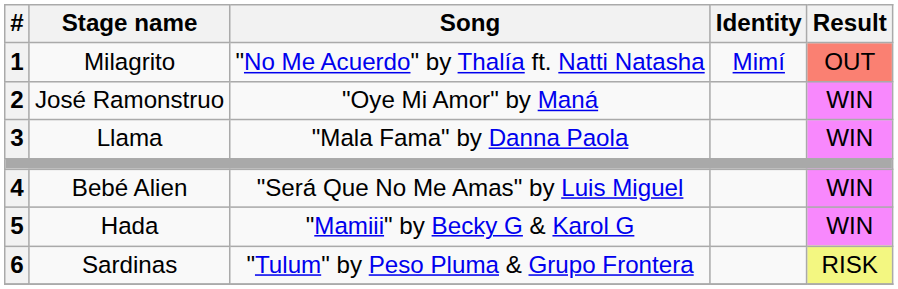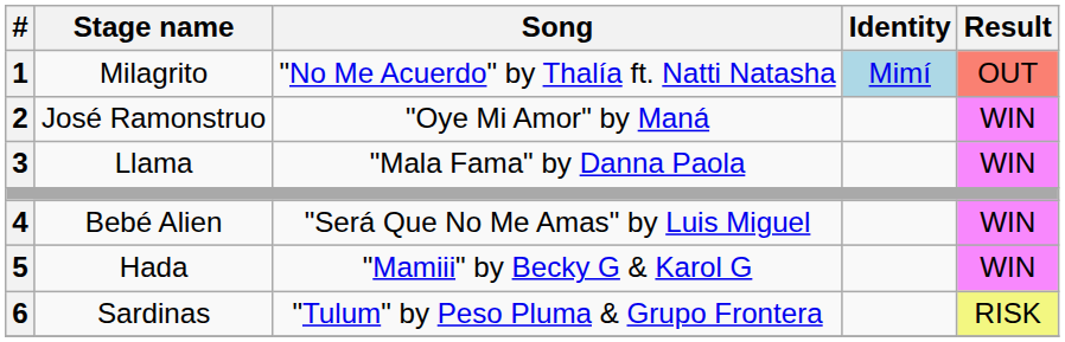 <table class="wikitable plainrowheaders" style="text-align: center;">
 <tr>
 <th>#</th>
 <th>Stage name</th>
 <th>Song</th>
 <th>Identity</th>
 <th>Result</th>
 </tr>
 <tr>
 <th>1</th>
 <td>Milagrito</td>
 <td>"<a href='#'>No Me Acuerdo</a>" by <a href='#'>Thalía</a> ft. <a href='#'>Natti Natasha</a></td>
-<td><a href='#'>Mimí</a></td>
+<td style="background: lightblue;"><a href='#'>Mimí</a></td>
 <td bgcolor=salmon>OUT</td>
 </tr>
 <tr>
 <th>2</th>
 <td>José Ramonstruo</td>
 <td>"Oye Mi Amor" by <a href='#'>Maná</a></td>
 <td></td>
 <td bgcolor=#F888FD>WIN</td>
 </tr>
 <tr>
 <th>3</th>
 <td>Llama</td>
 <td>"Mala Fama" by <a href='#'>Danna Paola</a></td>
 <td></td>
 <td bgcolor=#F888FD>WIN</td>
 </tr>
 <tr>
 <td colspan="5" style="background:darkgray"></td>
 </tr>
 <tr>
 <th>4</th>
 <td>Bebé Alien</td>
 <td>"Será Que No Me Amas" by <a href='#'>Luis Miguel</a></td>
 <td></td>
 <td bgcolor=#F888FD>WIN</td>
 </tr>
 <tr>
 <th>5</th>
 <td>Hada</td>
 <td>"<a href='#'>Mamiii</a>" by <a href='#'>Becky G</a> & <a href='#'>Karol G</a></td>
 <td></td>
 <td bgcolor=#F888FD>WIN</td>
 </tr>
 <tr>
 <th>6</th>
 <td>Sardinas</td>
 <td>"<a href='#'>Tulum</a>" by <a href='#'>Peso Pluma</a> & <a href='#'>Grupo Frontera</a></td>
 <td></td>
 <td bgcolor=#F3F781>RISK</td>
 </tr>
 <tr>
 </tr>
 </table>
